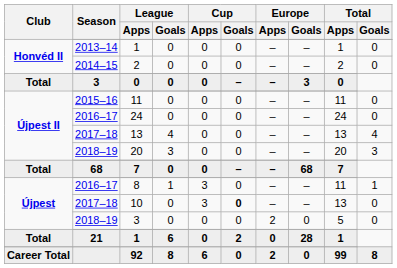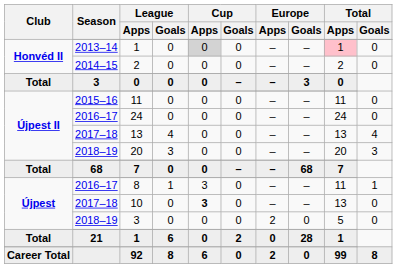 <table class="wikitable" style="font-size:90%; text-align: center;">
 <tr>
 <th rowspan="2">Club</th>
 <th rowspan="2">Season</th>
 <th colspan="2">League</th>
 <th colspan="2">Cup</th>
 <th colspan="2">Europe</th>
 <th colspan="2">Total</th>
 </tr>
 <tr>
 <th>Apps</th>
 <th>Goals</th>
 <th>Apps</th>
 <th>Goals</th>
 <th>Apps</th>
 <th>Goals</th>
 <th>Apps</th>
 <th>Goals</th>
 </tr>
 <tr ||-||-||-|->
 <td rowspan="4" valign="center"><strong><a href='#'>Honvéd II</a></strong></td>
 </tr>
 <tr>
 <td><a href='#'>2013–14</a></td>
 <td>1</td>
 <td>0</td>
-<td>0</td>
+<td style="background: lightgrey;">0</td>
 <td>0</td>
 <td>–</td>
 <td>–</td>
-<td>1</td>
+<td style="background: pink;">1</td>
 <td>0</td>
 </tr>
 <tr>
 <td><a href='#'>2014–15</a></td>
 <td>2</td>
 <td>0</td>
 <td>0</td>
 <td>0</td>
 <td>–</td>
 <td>–</td>
 <td>2</td>
 <td>0</td>
 </tr>
 <tr>
 </tr>
 <tr style="font-weight:bold; background-color:#eeeeee;">
 <td>Total</td>
 <td>3</td>
 <td>0</td>
 <td>0</td>
 <td>0</td>
 <td>–</td>
 <td>–</td>
 <td>3</td>
 <td>0</td>
 </tr>
 <tr>
 <td rowspan="6" valign="center"><strong><a href='#'>Újpest II</a></strong></td>
 </tr>
 <tr>
 <td><a href='#'>2015–16</a></td>
 <td>11</td>
 <td>0</td>
 <td>0</td>
 <td>0</td>
 <td>–</td>
 <td>–</td>
 <td>11</td>
 <td>0</td>
 </tr>
 <tr>
 <td><a href='#'>2016–17</a></td>
 <td>24</td>
 <td>0</td>
 <td>0</td>
 <td>0</td>
 <td>–</td>
 <td>–</td>
 <td>24</td>
 <td>0</td>
 </tr>
 <tr>
 <td><a href='#'>2017–18</a></td>
 <td>13</td>
 <td>4</td>
 <td>0</td>
 <td>0</td>
 <td>–</td>
 <td>–</td>
 <td>13</td>
 <td>4</td>
 </tr>
 <tr>
 <td><a href='#'>2018–19</a></td>
 <td>20</td>
 <td>3</td>
 <td>0</td>
 <td>0</td>
 <td>–</td>
 <td>–</td>
 <td>20</td>
 <td>3</td>
 </tr>
 <tr>
 </tr>
 <tr style="font-weight:bold; background-color:#eeeeee;">
 <td>Total</td>
 <td>68</td>
 <td>7</td>
 <td>0</td>
 <td>0</td>
 <td>–</td>
 <td>–</td>
 <td>68</td>
 <td>7</td>
 </tr>
 <tr>
 <td rowspan="5" valign="center"><strong><a href='#'>Újpest</a></strong></td>
 </tr>
 <tr>
 <td><a href='#'>2016–17</a></td>
 <td>8</td>
 <td>1</td>
 <td>3</td>
 <td>0</td>
 <td>–</td>
 <td>–</td>
 <td>11</td>
 <td>1</td>
 </tr>
 <tr>
 <td><a href='#'>2017–18</a></td>
 <td>10</td>
 <td>0</td>
-<td>3</td>
-<td><strong>0</strong></td>
+<td><strong>3</strong></td>
+<td>0</td>
 <td>–</td>
 <td>–</td>
 <td>13</td>
 <td>0</td>
 </tr>
 <tr>
 <td><a href='#'>2018–19</a></td>
 <td>3</td>
 <td>0</td>
 <td>0</td>
 <td>0</td>
 <td>2</td>
 <td>0</td>
 <td>5</td>
 <td>0</td>
 </tr>
 <tr>
 </tr>
 <tr style="font-weight:bold; background-color:#eeeeee;">
 <td>Total</td>
 <td>21</td>
 <td>1</td>
 <td>6</td>
 <td>0</td>
 <td>2</td>
 <td>0</td>
 <td>28</td>
 <td>1</td>
 </tr>
 <tr>
 </tr>
 <tr style="font-weight:bold; background-color:#eeeeee;">
 <td rowspan="1" valign="top"><strong>Career Total</strong></td>
 <td></td>
 <td><strong>92</strong></td>
 <td><strong>8</strong></td>
 <td><strong>6</strong></td>
 <td><strong>0</strong></td>
 <td><strong>2</strong></td>
 <td><strong>0</strong></td>
 <td><strong>99</strong></td>
 <td><strong>8</strong></td>
 </tr>
 </table>
